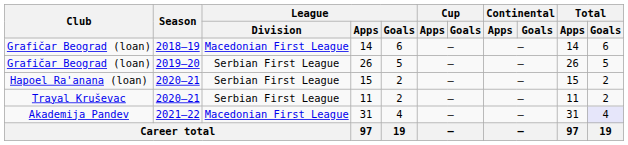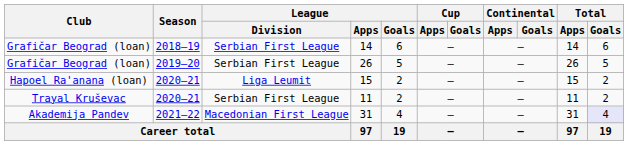 <table class="wikitable" style="text-align:center">
 <tr>
 <th rowspan="2">Club</th>
 <th rowspan="2">Season</th>
 <th colspan="3">League</th>
 <th colspan="2">Cup</th>
 <th colspan="2">Continental</th>
 <th colspan="2">Total</th>
 </tr>
 <tr>
 <th>Division</th>
 <th>Apps</th>
 <th>Goals</th>
 <th>Apps</th>
 <th>Goals</th>
 <th>Apps</th>
 <th>Goals</th>
 <th>Apps</th>
 <th>Goals</th>
 </tr>
 <tr>
 <td><a href='#'>Grafičar Beograd</a> (loan)</td>
 <td><a href='#'>2018–19</a></td>
-<td><a href='#'>Macedonian First League</a></td>
+<td><a href='#'>Serbian First League</a></td>
 <td>14</td>
 <td>6</td>
 <td colspan="2">—</td>
 <td colspan="2">—</td>
 <td>14</td>
 <td>6</td>
 </tr>
 <tr>
 <td><a href='#'>Grafičar Beograd</a> (loan)</td>
 <td><a href='#'>2019–20</a></td>
 <td>Serbian First League</td>
 <td>26</td>
 <td>5</td>
 <td colspan="2">—</td>
 <td colspan="2">—</td>
 <td>26</td>
 <td>5</td>
 </tr>
 <tr>
 <td><a href='#'>Hapoel Ra'anana</a> (loan)</td>
 <td><a href='#'>2020–21</a></td>
-<td>Serbian First League</td>
+<td><a href='#'>Liga Leumit</a></td>
 <td>15</td>
 <td>2</td>
 <td colspan="2">—</td>
 <td colspan="2">—</td>
 <td>15</td>
 <td>2</td>
 </tr>
 <tr>
 <td><a href='#'>Trayal Kruševac</a></td>
 <td><a href='#'>2020–21</a></td>
 <td>Serbian First League</td>
 <td>11</td>
 <td>2</td>
 <td colspan="2">—</td>
 <td colspan="2">—</td>
 <td>11</td>
 <td>2</td>
 </tr>
 <tr>
 <td><a href='#'>Akademija Pandev</a></td>
 <td><a href='#'>2021–22</a></td>
 <td><a href='#'>Macedonian First League</a></td>
 <td>31</td>
 <td>4</td>
 <td colspan="2">—</td>
 <td colspan="2">—</td>
 <td>31</td>
 <td style="background: lavender;">4</td>
 </tr>
 <tr>
 <th colspan="3">Career total</th>
 <th>97</th>
 <th>19</th>
 <th colspan="2">—</th>
 <th colspan="2">—</th>
 <th>97</th>
 <th>19</th>
 </tr>
 </table>
